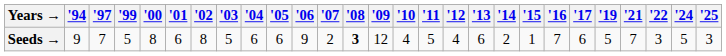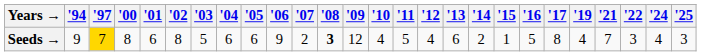 <table class="wikitable" style="text-align:center">
 <tr>
 <th>Years →</th>
 <th><a href='#'>'94</a></th>
 <th><a href='#'>'97</a></th>
-<th><a href='#'>'99</a></th>
 <th><a href='#'>'00</a></th>
 <th><a href='#'>'01</a></th>
 <th><a href='#'>'02</a></th>
 <th><a href='#'>'03</a></th>
 <th><a href='#'>'04</a></th>
 <th><a href='#'>'05</a></th>
 <th><a href='#'>'06</a></th>
 <th><a href='#'>'07</a></th>
 <th><a href='#'>'08</a></th>
 <th><a href='#'>'09</a></th>
 <th><a href='#'>'10</a></th>
 <th><a href='#'>'11</a></th>
 <th><a href='#'>'12</a></th>
 <th><a href='#'>'13</a></th>
 <th><a href='#'>'14</a></th>
 <th><a href='#'>'15</a></th>
 <th><a href='#'>'16</a></th>
 <th><a href='#'>'17</a></th>
 <th><a href='#'>'19</a></th>
 <th><a href='#'>'21</a></th>
 <th><a href='#'>'22</a></th>
 <th><a href='#'>'24</a></th>
 <th><a href='#'>'25</a></th>
 </tr>
 <tr>
 <th>Seeds →</th>
 <td>9</td>
-<td>7</td>
-<td>5</td>
+<td style="background: gold;">7</td>
 <td>8</td>
 <td>6</td>
 <td>8</td>
 <td>5</td>
 <td>6</td>
 <td>6</td>
 <td>9</td>
 <td>2</td>
 <td><strong>3</strong></td>
 <td>12</td>
 <td>4</td>
 <td>5</td>
 <td>4</td>
 <td>6</td>
 <td>2</td>
 <td>1</td>
-<td>7</td>
-<td>6</td>
 <td>5</td>
+<td>8</td>
+<td>4</td>
 <td>7</td>
 <td>3</td>
-<td>5</td>
+<td>4</td>
 <td>3</td>
 </tr>
 </table>
